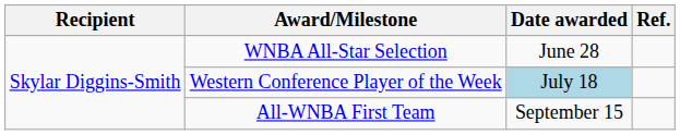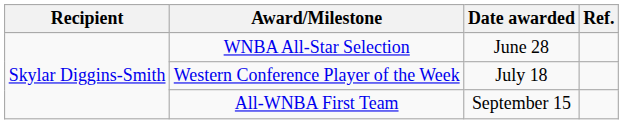 <table class="wikitable sortable sortable" style="text-align: center">
 <tr>
 <th>Recipient</th>
 <th>Award/Milestone</th>
 <th>Date awarded</th>
 <th>Ref.</th>
 </tr>
 <tr>
 <td rowspan=3><a href='#'>Skylar Diggins-Smith</a></td>
 <td><a href='#'>WNBA All-Star Selection</a></td>
 <td>June 28</td>
 <td></td>
 </tr>
 <tr>
 <td><a href='#'>Western Conference Player of the Week</a></td>
-<td style="background: lightblue;">July 18</td>
+<td>July 18</td>
 <td></td>
 </tr>
 <tr>
 <td><a href='#'>All-WNBA First Team</a></td>
 <td>September 15</td>
 <td></td>
 </tr>
 </table>
